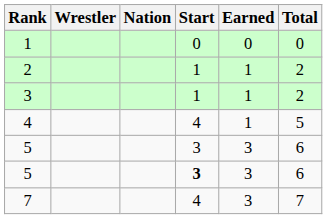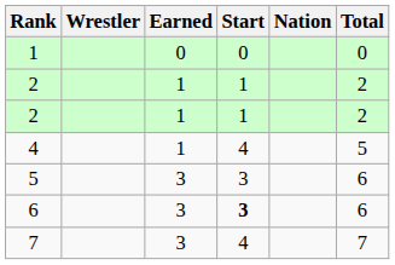 <table class="wikitable sortable" style="text-align:center;">
 <tr>
 <th>Rank</th>
 <th>Wrestler</th>
+<th>Earned</th>
+<th>Start</th>
 <th>Nation</th>
-<th>Start</th>
-<th>Earned</th>
 <th>Total</th>
 </tr>
 <tr style="background:#cfc;">
 <td>1</td>
 <td align=left></td>
-<td align=left></td>
 <td>0</td>
 <td>0</td>
+<td align=left></td>
 <td>0</td>
 </tr>
 <tr style="background:#cfc;">
 <td>2</td>
 <td align=left></td>
+<td>1</td>
+<td>1</td>
+<td align=left></td>
+<td>2</td>
+</tr>
+<tr style="background:#cfc;">
+<td>2</td>
 <td align=left></td>
 <td>1</td>
 <td>1</td>
-<td>2</td>
-</tr>
-<tr style="background:#cfc;">
-<td>3</td>
 <td align=left></td>
-<td align=left></td>
-<td>1</td>
-<td>1</td>
 <td>2</td>
 </tr>
 <tr>
 <td>4</td>
 <td align=left></td>
+<td>1</td>
+<td>4</td>
 <td align=left></td>
-<td>4</td>
-<td>1</td>
 <td>5</td>
 </tr>
 <tr>
 <td>5</td>
 <td align=left></td>
-<td align=left></td>
 <td>3</td>
 <td>3</td>
+<td align=left></td>
 <td>6</td>
 </tr>
 <tr>
-<td>5</td>
+<td>6</td>
 <td align=left></td>
+<td>3</td>
+<td><strong>3</strong></td>
 <td align=left></td>
-<td><strong>3</strong></td>
-<td>3</td>
 <td>6</td>
 </tr>
 <tr>
 <td>7</td>
 <td align=left></td>
+<td>3</td>
+<td>4</td>
 <td align=left></td>
-<td>4</td>
-<td>3</td>
 <td>7</td>
 </tr>
 </table>
